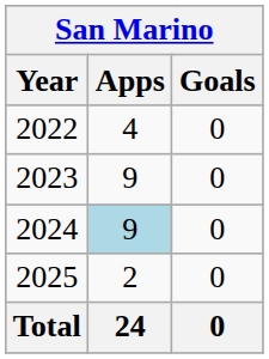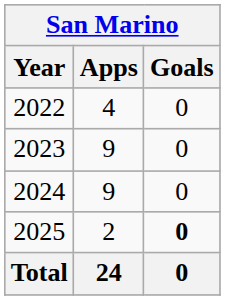 <table class="wikitable" style="text-align:center">
 <tr>
 <th colspan=3><a href='#'>San Marino</a></th>
 </tr>
 <tr>
 <th>Year</th>
 <th>Apps</th>
 <th>Goals</th>
 </tr>
 <tr>
 <td>2022</td>
 <td>4</td>
 <td>0</td>
 </tr>
 <tr>
 <td>2023</td>
 <td>9</td>
 <td>0</td>
 </tr>
 <tr>
 <td>2024</td>
-<td style="background: lightblue;">9</td>
+<td>9</td>
 <td>0</td>
 </tr>
 <tr>
 <td>2025</td>
 <td>2</td>
-<td>0</td>
+<td><strong>0</strong></td>
 </tr>
 <tr>
 <th>Total</th>
 <th>24</th>
 <th>0</th>
 </tr>
 </table>
